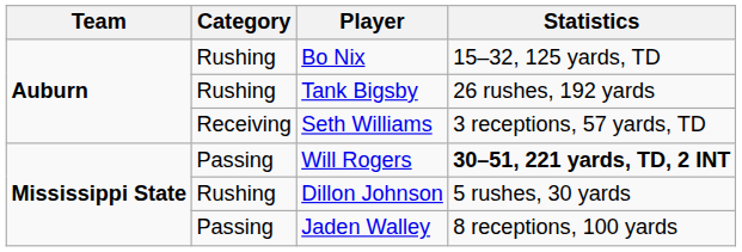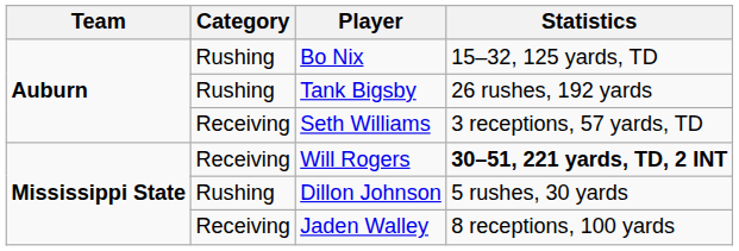 <table class="wikitable" style="float: right;">
 <tr>
 <th>Team</th>
 <th>Category</th>
 <th>Player</th>
 <th>Statistics</th>
 </tr>
 <tr>
 <td rowspan=3><strong>Auburn</strong></td>
 <td>Rushing</td>
 <td><a href='#'>Bo Nix</a></td>
 <td>15–32, 125 yards, TD</td>
 </tr>
 <tr>
 <td>Rushing</td>
 <td><a href='#'>Tank Bigsby</a></td>
 <td>26 rushes, 192 yards</td>
 </tr>
 <tr>
 <td>Receiving</td>
 <td><a href='#'>Seth Williams</a></td>
 <td>3 receptions, 57 yards, TD</td>
 </tr>
 <tr>
 <td rowspan=3><strong>Mississippi State</strong></td>
-<td>Passing</td>
+<td>Receiving</td>
 <td><a href='#'>Will Rogers</a></td>
 <td><strong>30–51, 221 yards, TD, 2 INT</strong></td>
 </tr>
 <tr>
 <td>Rushing</td>
 <td><a href='#'>Dillon Johnson</a></td>
 <td>5 rushes, 30 yards</td>
 </tr>
 <tr>
-<td>Passing</td>
+<td>Receiving</td>
 <td><a href='#'>Jaden Walley</a></td>
 <td>8 receptions, 100 yards</td>
 </tr>
 </table>
